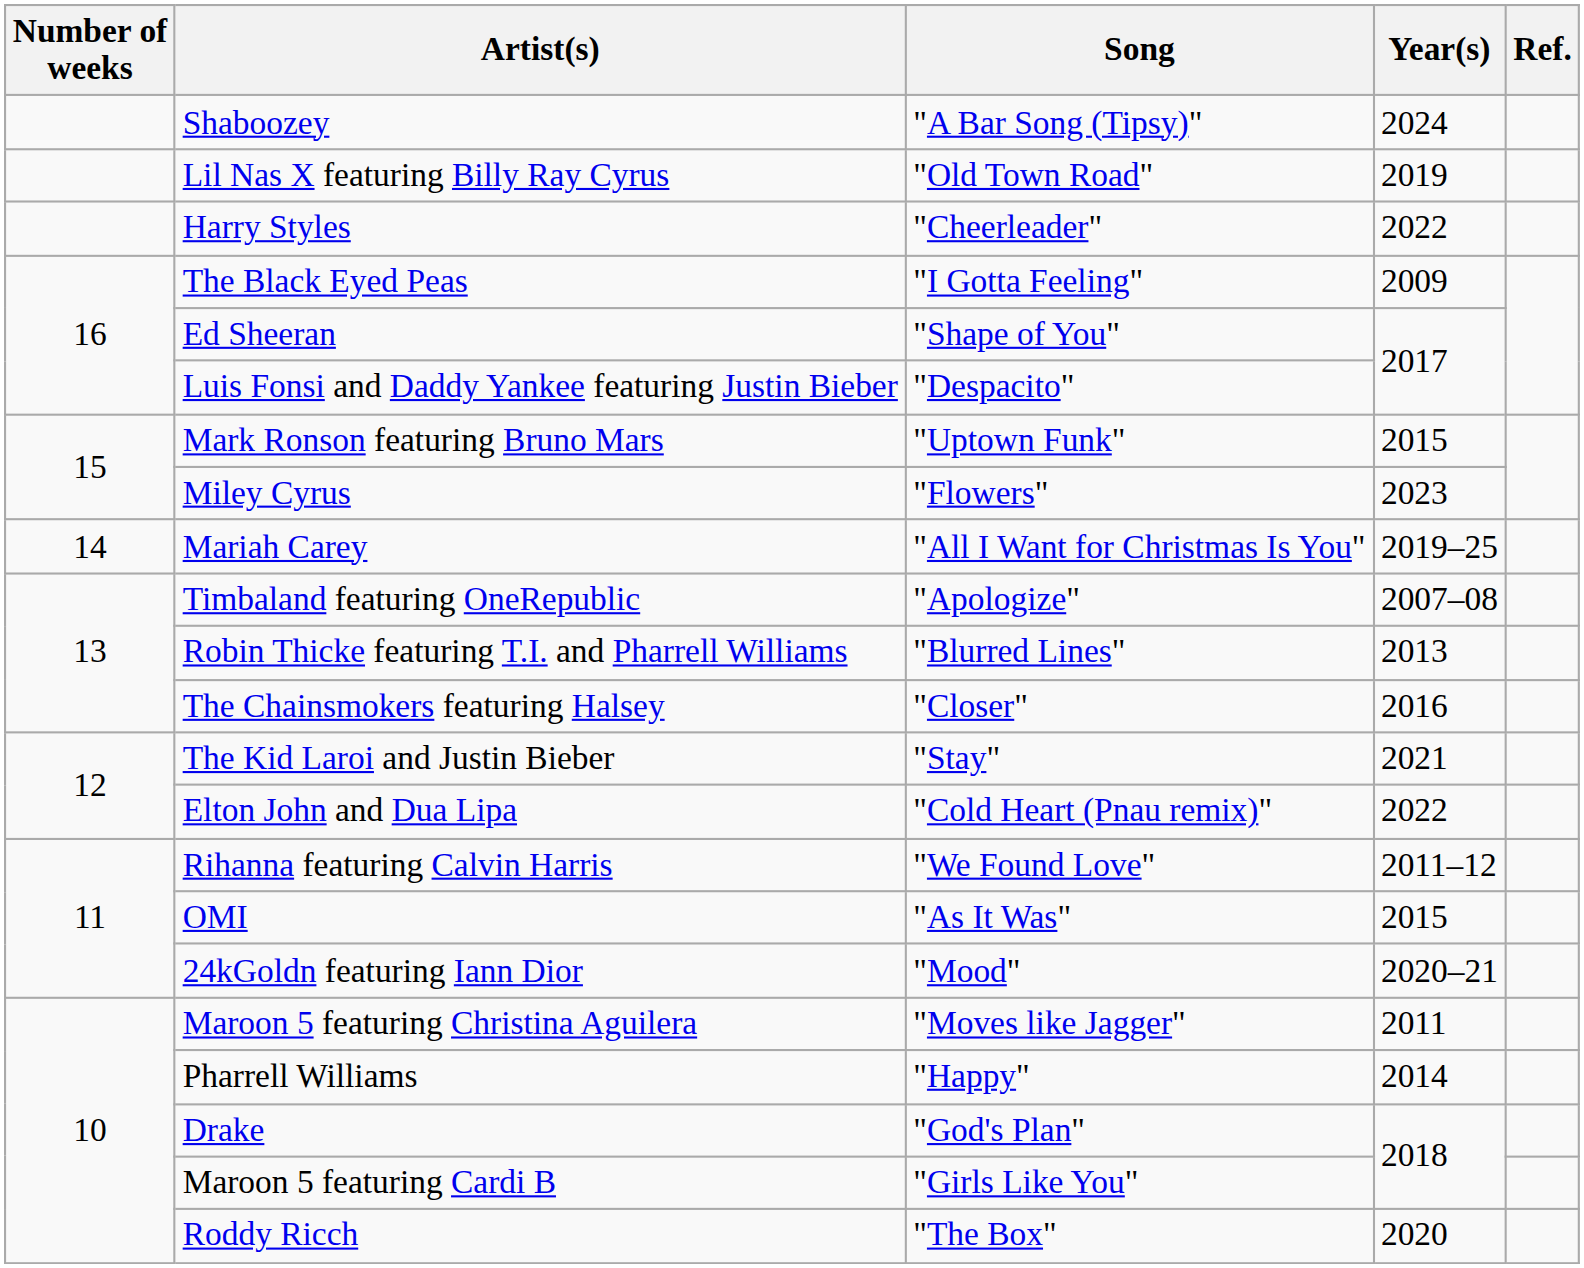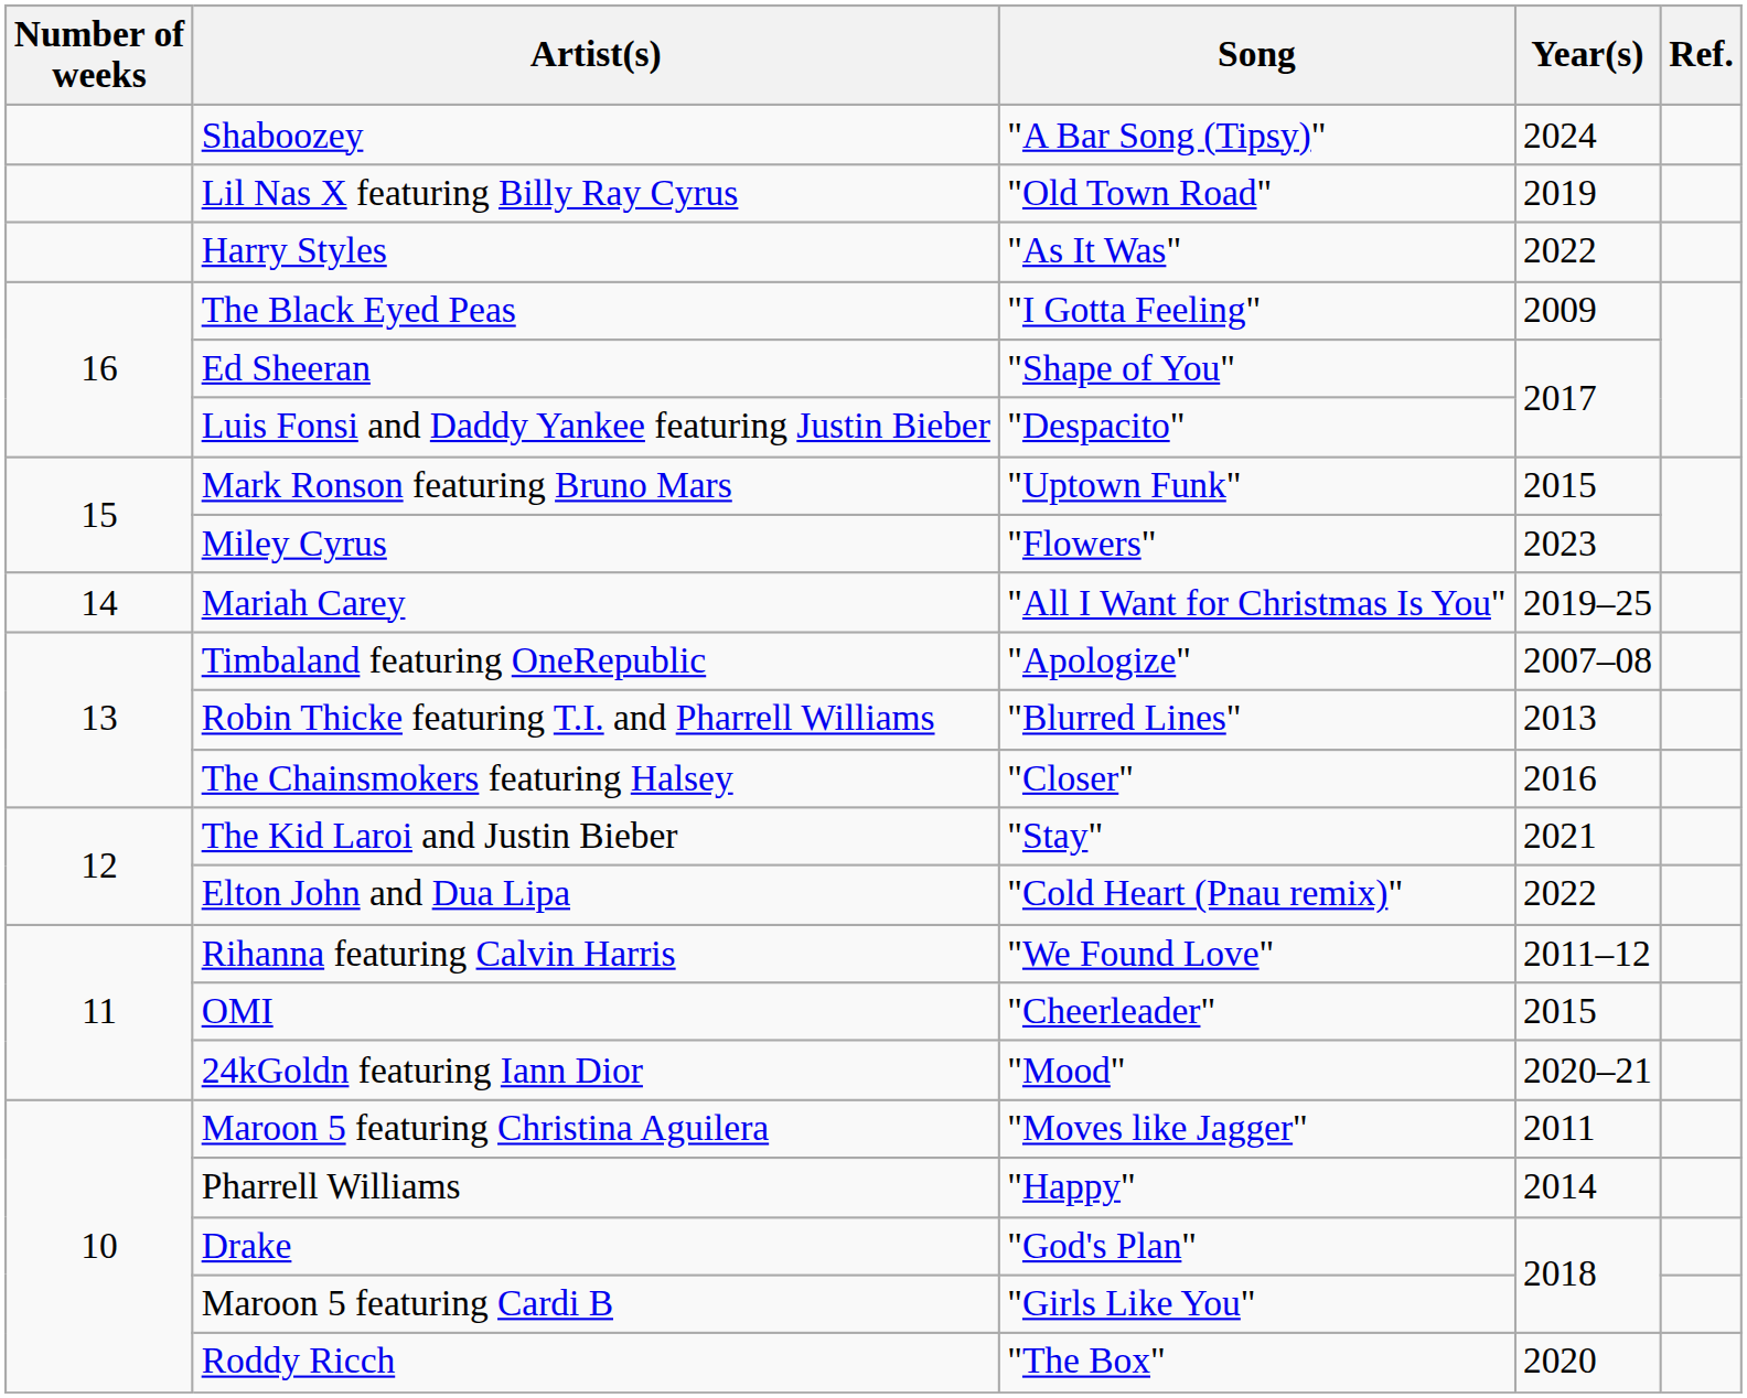 <table class="wikitable">
 <tr>
 <th>Number of <br> weeks</th>
 <th>Artist(s)</th>
 <th>Song</th>
 <th>Year(s)</th>
 <th>Ref.</th>
 </tr>
 <tr>
 <td></td>
 <td><a href='#'>Shaboozey</a></td>
 <td>"<a href='#'>A Bar Song (Tipsy)</a>"</td>
 <td>2024</td>
 <td></td>
 </tr>
 <tr>
 <td></td>
 <td><a href='#'>Lil Nas X</a> featuring <a href='#'>Billy Ray Cyrus</a></td>
 <td>"<a href='#'>Old Town Road</a>"</td>
 <td>2019</td>
 <td></td>
 </tr>
 <tr>
 <td></td>
 <td><a href='#'>Harry Styles</a></td>
-<td>"<a href='#'>Cheerleader</a>"</td>
+<td>"<a href='#'>As It Was</a>"</td>
 <td>2022</td>
 <td></td>
 </tr>
 <tr>
 <td rowspan="3" style="text-align:center;">16</td>
 <td><a href='#'>The Black Eyed Peas</a></td>
 <td>"<a href='#'>I Gotta Feeling</a>"</td>
 <td>2009</td>
 <td rowspan="3"></td>
 </tr>
 <tr>
 <td><a href='#'>Ed Sheeran</a></td>
 <td>"<a href='#'>Shape of You</a>"</td>
 <td rowspan="2">2017</td>
 </tr>
 <tr>
 <td><a href='#'>Luis Fonsi</a> and <a href='#'>Daddy Yankee</a> featuring <a href='#'>Justin Bieber</a></td>
 <td>"<a href='#'>Despacito</a>"</td>
 </tr>
 <tr>
 <td rowspan="2" style="text-align:center;">15</td>
 <td><a href='#'>Mark Ronson</a> featuring <a href='#'>Bruno Mars</a></td>
 <td>"<a href='#'>Uptown Funk</a>"</td>
 <td>2015</td>
 <td rowspan="2"></td>
 </tr>
 <tr>
 <td><a href='#'>Miley Cyrus</a></td>
 <td>"<a href='#'>Flowers</a>"</td>
 <td>2023</td>
 </tr>
 <tr>
 <td style="text-align:center;">14</td>
 <td><a href='#'>Mariah Carey</a></td>
 <td>"<a href='#'>All I Want for Christmas Is You</a>"</td>
 <td>2019–25</td>
 <td></td>
 </tr>
 <tr>
 <td rowspan="3" style="text-align:center;">13</td>
 <td><a href='#'>Timbaland</a> featuring <a href='#'>OneRepublic</a></td>
 <td>"<a href='#'>Apologize</a>"</td>
 <td>2007–08</td>
 <td></td>
 </tr>
 <tr>
 <td><a href='#'>Robin Thicke</a> featuring <a href='#'>T.I.</a> and <a href='#'>Pharrell Williams</a></td>
 <td>"<a href='#'>Blurred Lines</a>"</td>
 <td>2013</td>
 <td></td>
 </tr>
 <tr>
 <td><a href='#'>The Chainsmokers</a> featuring <a href='#'>Halsey</a></td>
 <td>"<a href='#'>Closer</a>"</td>
 <td>2016</td>
 <td></td>
 </tr>
 <tr>
 <td rowspan="2" style="text-align:center;">12</td>
 <td><a href='#'>The Kid Laroi</a> and Justin Bieber</td>
 <td>"<a href='#'>Stay</a>"</td>
 <td>2021</td>
 <td></td>
 </tr>
 <tr>
 <td><a href='#'>Elton John</a> and <a href='#'>Dua Lipa</a></td>
 <td>"<a href='#'>Cold Heart (Pnau remix)</a>"</td>
 <td>2022</td>
 <td></td>
 </tr>
 <tr>
 <td rowspan="3" style="text-align:center;">11</td>
 <td><a href='#'>Rihanna</a> featuring <a href='#'>Calvin Harris</a></td>
 <td>"<a href='#'>We Found Love</a>"</td>
 <td>2011–12</td>
 <td></td>
 </tr>
 <tr>
 <td><a href='#'>OMI</a></td>
-<td>"<a href='#'>As It Was</a>"</td>
+<td>"<a href='#'>Cheerleader</a>"</td>
 <td>2015</td>
 <td></td>
 </tr>
 <tr>
 <td><a href='#'>24kGoldn</a> featuring <a href='#'>Iann Dior</a></td>
 <td>"<a href='#'>Mood</a>"</td>
 <td>2020–21</td>
 <td></td>
 </tr>
 <tr>
 <td rowspan="5" style="text-align:center;">10</td>
 <td><a href='#'>Maroon 5</a> featuring <a href='#'>Christina Aguilera</a></td>
 <td>"<a href='#'>Moves like Jagger</a>"</td>
 <td>2011</td>
 <td></td>
 </tr>
 <tr>
 <td>Pharrell Williams</td>
 <td>"<a href='#'>Happy</a>"</td>
 <td>2014</td>
 <td></td>
 </tr>
 <tr>
 <td><a href='#'>Drake</a></td>
 <td>"<a href='#'>God's Plan</a>"</td>
 <td rowspan="2">2018</td>
 <td></td>
 </tr>
 <tr>
 <td>Maroon 5 featuring <a href='#'>Cardi B</a></td>
 <td>"<a href='#'>Girls Like You</a>"</td>
 <td></td>
 </tr>
 <tr>
 <td><a href='#'>Roddy Ricch</a></td>
 <td>"<a href='#'>The Box</a>"</td>
 <td>2020<br></td>
 <td></td>
 </tr>
 </table>
